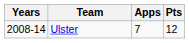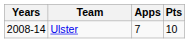 <table class="wikitable" style="text-align:left;">
 <tr>
 <th>Years</th>
 <th width=120px>Team</th>
 <th>Apps</th>
 <th>Pts</th>
 </tr>
 <tr>
 <td>2008-14</td>
 <td><a href='#'>Ulster</a></td>
 <td>7</td>
-<td>12</td>
+<td>10</td>
 </tr>
 </table>
